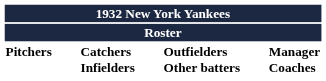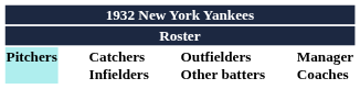 <table class="toccolours" style="font-size: 95%;">
 <tr>
 <th colspan="10" style="background-color: #1c2841; color: white; text-align: center;">1932 New York Yankees</th>
 </tr>
 <tr>
 <td colspan="10" style="background-color: #1c2841; color: white; text-align: center;"><strong>Roster</strong></td>
 </tr>
 <tr>
-<td valign="top"><strong>Pitchers</strong><br>             </td>
+<td valign="top" style="background: paleturquoise;"><strong>Pitchers</strong><br>             </td>
 <td width="25px"></td>
 <td valign="top"><strong>Catchers</strong><br>    <strong>Infielders</strong>        </td>
 <td width="25px"></td>
 <td valign="top"><strong>Outfielders</strong><br>     <strong>Other batters</strong> </td>
 <td width="25px"></td>
 <td valign="top"><strong>Manager</strong><br> <strong>Coaches</strong>   </td>
 </tr>
 </table>
